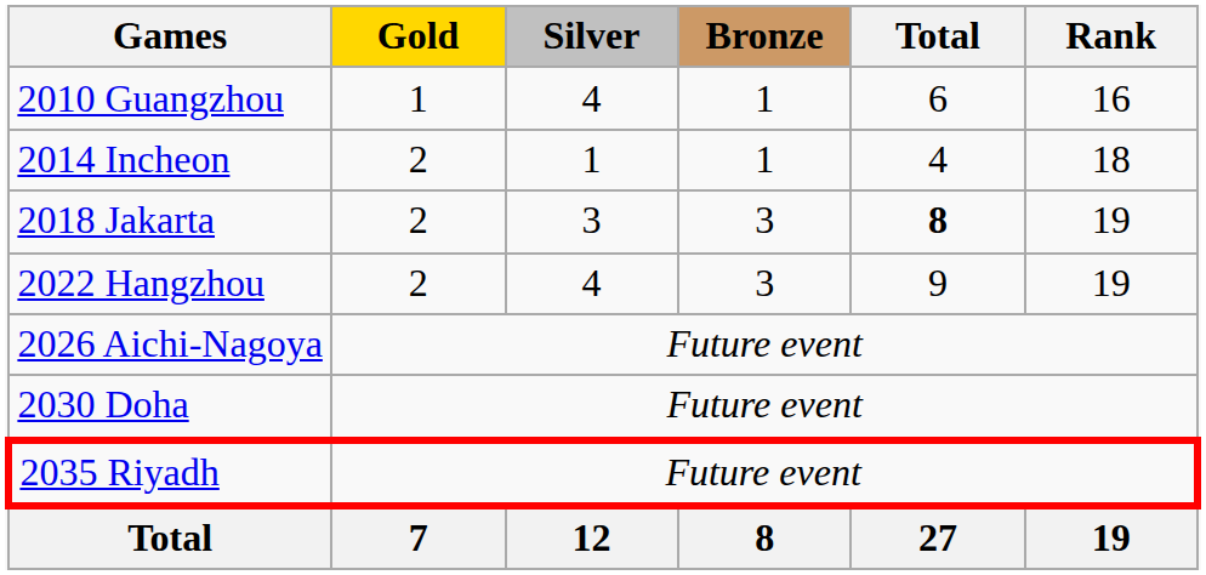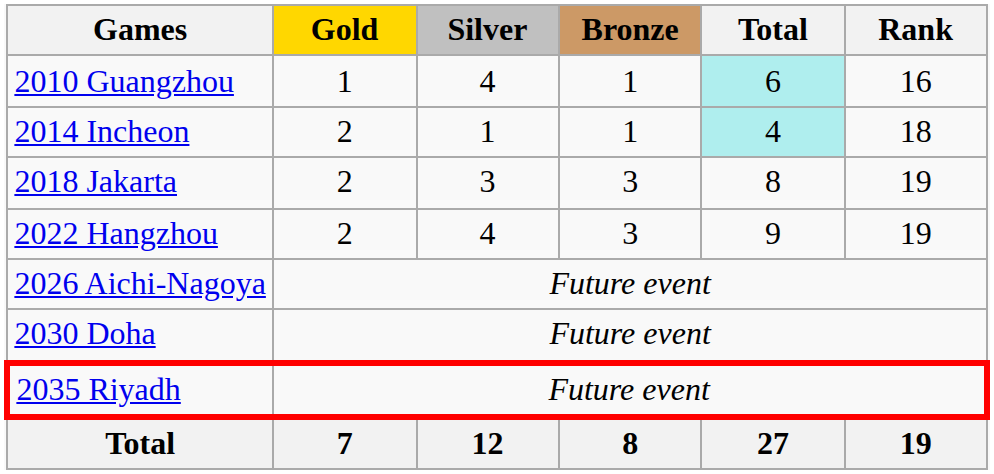 <table class="wikitable sortable" style="margin-top:0em; text-align:center; font-size:100%;">
 <tr>
 <th>Games</th>
 <th style="background:gold; width:4em;"><strong>Gold</strong></th>
 <th style="background:silver; width:4em;"><strong>Silver</strong></th>
 <th style="background:#cc9966; width:4em;"><strong>Bronze</strong></th>
 <th style="width:4em;">Total</th>
 <th style="width:4em;">Rank</th>
 </tr>
 <tr>
 <td align=left> <a href='#'>2010 Guangzhou</a></td>
 <td>1</td>
 <td>4</td>
 <td>1</td>
-<td>6</td>
+<td style="background: paleturquoise;">6</td>
 <td>16</td>
 </tr>
 <tr>
 <td align=left> <a href='#'>2014 Incheon</a></td>
 <td>2</td>
 <td>1</td>
 <td>1</td>
-<td>4</td>
+<td style="background: paleturquoise;">4</td>
 <td>18</td>
 </tr>
 <tr>
 <td align=left> <a href='#'>2018 Jakarta</a></td>
 <td>2</td>
 <td>3</td>
 <td>3</td>
-<td><strong>8</strong></td>
+<td>8</td>
 <td>19</td>
 </tr>
 <tr>
 </tr>
 <tr class="sortbottom">
 </tr>
 <tr>
 <td align=left> <a href='#'>2022 Hangzhou</a></td>
 <td>2</td>
 <td>4</td>
 <td>3</td>
 <td>9</td>
 <td>19</td>
 </tr>
 <tr>
 <td align=left> <a href='#'>2026 Aichi-Nagoya</a></td>
 <td colspan=5><em>Future event</em></td>
 </tr>
 <tr>
 <td align=left> <a href='#'>2030 Doha</a></td>
 <td colspan=5><em>Future event</em></td>
 </tr>
 <tr style="border: 3px solid red">
 <td align=left> <a href='#'>2035 Riyadh</a></td>
 <td colspan=5><em>Future event</em></td>
 </tr>
 <tr>
 <th>Total</th>
 <th>7</th>
 <th>12</th>
 <th>8</th>
 <th>27</th>
 <th>19</th>
 </tr>
 </table>
